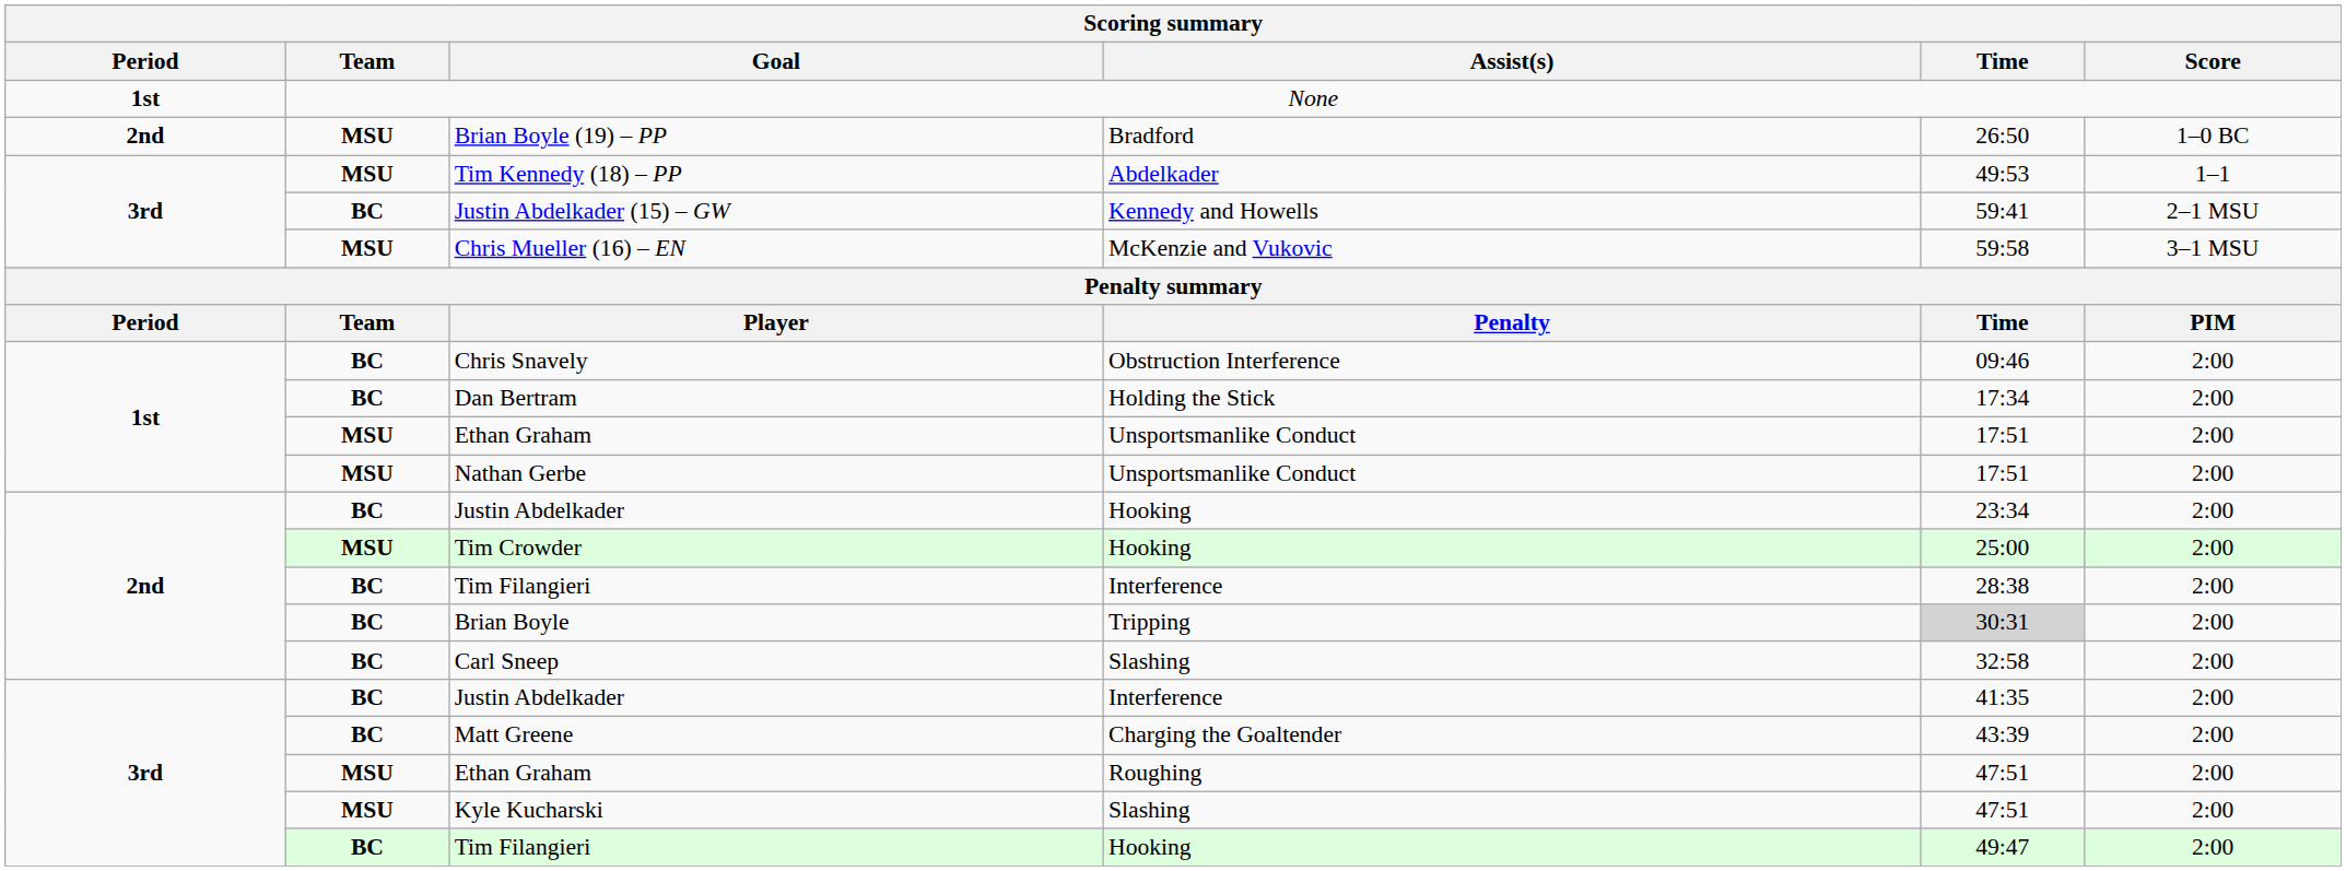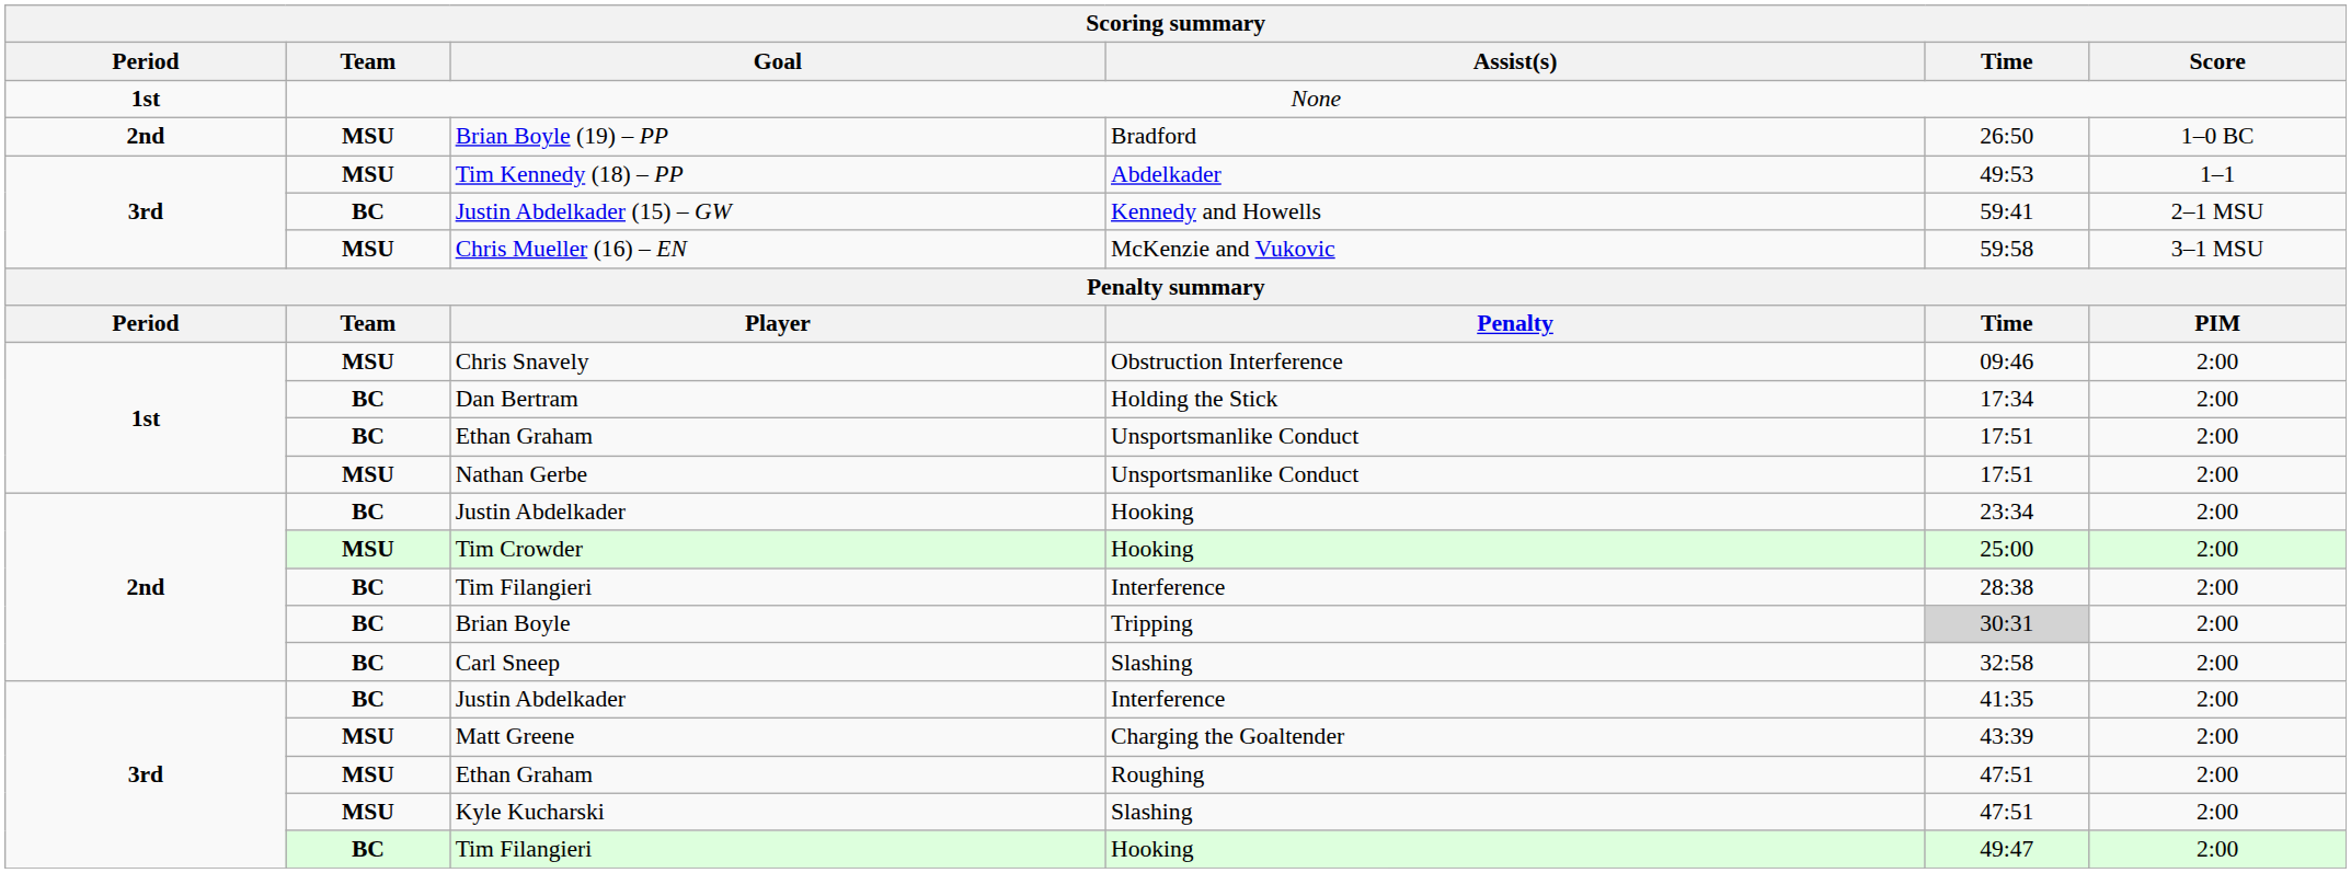 <table style="width:100%;" class="wikitable">
 <tr>
 <th colspan=6>Scoring summary</th>
 </tr>
 <tr>
 <th style="width:12%;">Period</th>
 <th style="width:7%;">Team</th>
 <th style="width:28%;">Goal</th>
 <th style="width:35%;">Assist(s)</th>
 <th style="width:7%;">Time</th>
 <th style="width:11%;">Score</th>
 </tr>
 <tr>
 <td style="text-align:center;" rowspan="1"><strong>1st</strong></td>
 <td style="text-align:center;" colspan="5"><em>None</em></td>
 </tr>
 <tr>
 <td style="text-align:center;" rowspan="1"><strong>2nd</strong></td>
 <td align=center><strong>MSU</strong></td>
 <td><a href='#'>Brian Boyle</a> (19) – <em>PP</em></td>
 <td>Bradford</td>
 <td align=center>26:50</td>
 <td align=center>1–0 BC</td>
 </tr>
 <tr>
 <td style="text-align:center;" rowspan="3"><strong>3rd</strong></td>
 <td align=center><strong>MSU</strong></td>
 <td><a href='#'>Tim Kennedy</a> (18) – <em>PP</em></td>
 <td><a href='#'>Abdelkader</a></td>
 <td align=center>49:53</td>
 <td align=center>1–1</td>
 </tr>
 <tr>
 <td align=center><strong>BC</strong></td>
 <td><a href='#'>Justin Abdelkader</a> (15) – <em>GW</em></td>
 <td><a href='#'>Kennedy</a> and Howells</td>
 <td align=center>59:41</td>
 <td align=center>2–1 MSU</td>
 </tr>
 <tr>
 <td align=center><strong>MSU</strong></td>
 <td><a href='#'>Chris Mueller</a> (16) – <em>EN</em></td>
 <td>McKenzie and <a href='#'>Vukovic</a></td>
 <td align=center>59:58</td>
 <td align=center>3–1 MSU</td>
 </tr>
 <tr>
 <th colspan=6>Penalty summary</th>
 </tr>
 <tr>
 <th style="width:12%;">Period</th>
 <th style="width:7%;">Team</th>
 <th style="width:28%;">Player</th>
 <th style="width:35%;"><a href='#'>Penalty</a></th>
 <th style="width:7%;">Time</th>
 <th style="width:11%;">PIM</th>
 </tr>
 <tr>
 <td style="text-align:center;" rowspan="4"><strong>1st</strong></td>
-<td align=center><strong>BC</strong></td>
+<td align=center><strong>MSU</strong></td>
 <td>Chris Snavely</td>
 <td>Obstruction Interference</td>
 <td align=center>09:46</td>
 <td align=center>2:00</td>
 </tr>
 <tr>
 <td align=center><strong>BC</strong></td>
 <td>Dan Bertram</td>
 <td>Holding the Stick</td>
 <td align=center>17:34</td>
 <td align=center>2:00</td>
 </tr>
 <tr>
-<td align=center><strong>MSU</strong></td>
+<td align=center><strong>BC</strong></td>
 <td>Ethan Graham</td>
 <td>Unsportsmanlike Conduct</td>
 <td align=center>17:51</td>
 <td align=center>2:00</td>
 </tr>
 <tr>
 <td align=center><strong>MSU</strong></td>
 <td>Nathan Gerbe</td>
 <td>Unsportsmanlike Conduct</td>
 <td align=center>17:51</td>
 <td align=center>2:00</td>
 </tr>
 <tr>
 <td style="text-align:center;" rowspan="5"><strong>2nd</strong></td>
 <td align=center><strong>BC</strong></td>
 <td>Justin Abdelkader</td>
 <td>Hooking</td>
 <td align=center>23:34</td>
 <td align=center>2:00</td>
 </tr>
 <tr bgcolor=ddffdd>
 <td align=center><strong>MSU</strong></td>
 <td>Tim Crowder</td>
 <td>Hooking</td>
 <td align=center>25:00</td>
 <td align=center>2:00</td>
 </tr>
 <tr>
 <td align=center><strong>BC</strong></td>
 <td>Tim Filangieri</td>
 <td>Interference</td>
 <td align=center>28:38</td>
 <td align=center>2:00</td>
 </tr>
 <tr>
 <td align=center><strong>BC</strong></td>
 <td>Brian Boyle</td>
 <td>Tripping</td>
 <td align=center style="background: lightgrey;">30:31</td>
 <td align=center>2:00</td>
 </tr>
 <tr>
 <td align=center><strong>BC</strong></td>
 <td>Carl Sneep</td>
 <td>Slashing</td>
 <td align=center>32:58</td>
 <td align=center>2:00</td>
 </tr>
 <tr>
 <td style="text-align:center;" rowspan="5"><strong>3rd</strong></td>
 <td align=center><strong>BC</strong></td>
 <td>Justin Abdelkader</td>
 <td>Interference</td>
 <td align=center>41:35</td>
 <td align=center>2:00</td>
 </tr>
 <tr>
-<td align=center><strong>BC</strong></td>
+<td align=center><strong>MSU</strong></td>
 <td>Matt Greene</td>
 <td>Charging the Goaltender</td>
 <td align=center>43:39</td>
 <td align=center>2:00</td>
 </tr>
 <tr>
 <td align=center><strong>MSU</strong></td>
 <td>Ethan Graham</td>
 <td>Roughing</td>
 <td align=center>47:51</td>
 <td align=center>2:00</td>
 </tr>
 <tr>
 <td align=center><strong>MSU</strong></td>
 <td>Kyle Kucharski</td>
 <td>Slashing</td>
 <td align=center>47:51</td>
 <td align=center>2:00</td>
 </tr>
 <tr bgcolor=ddffdd>
 <td align=center><strong>BC</strong></td>
 <td>Tim Filangieri</td>
 <td>Hooking</td>
 <td align=center>49:47</td>
 <td align=center>2:00</td>
 </tr>
 <tr>
 </tr>
 </table>
